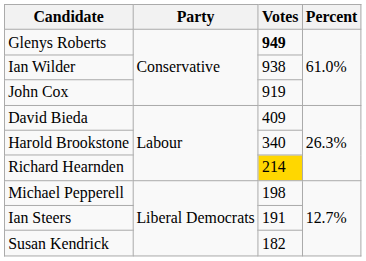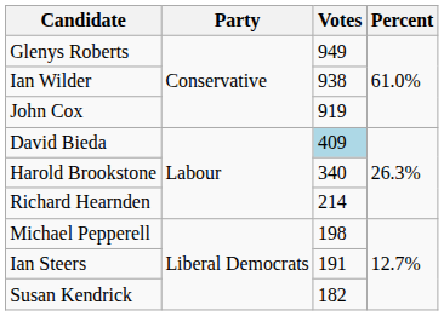 <table class="wikitable">
 <tr>
 <th>Candidate</th>
 <th>Party</th>
 <th>Votes</th>
 <th>Percent</th>
 </tr>
 <tr>
 <td>Glenys Roberts</td>
 <td rowspan="3">Conservative</td>
-<td><strong>949</strong></td>
+<td>949</td>
 <td rowspan="3">61.0%</td>
 </tr>
 <tr>
 <td>Ian Wilder</td>
 <td>938</td>
 </tr>
 <tr>
 <td>John Cox</td>
 <td>919</td>
 </tr>
 <tr>
 <td>David Bieda</td>
 <td rowspan="3">Labour</td>
-<td>409</td>
+<td style="background: lightblue;">409</td>
 <td rowspan="3">26.3%</td>
 </tr>
 <tr>
 <td>Harold Brookstone</td>
 <td>340</td>
 </tr>
 <tr>
 <td>Richard Hearnden</td>
-<td style="background: gold;">214</td>
+<td>214</td>
 </tr>
 <tr>
 <td>Michael Pepperell</td>
 <td rowspan="3">Liberal Democrats</td>
 <td>198</td>
 <td rowspan="3">12.7%</td>
 </tr>
 <tr>
 <td>Ian Steers</td>
 <td>191</td>
 </tr>
 <tr>
 <td>Susan Kendrick</td>
 <td>182</td>
 </tr>
 </table>
